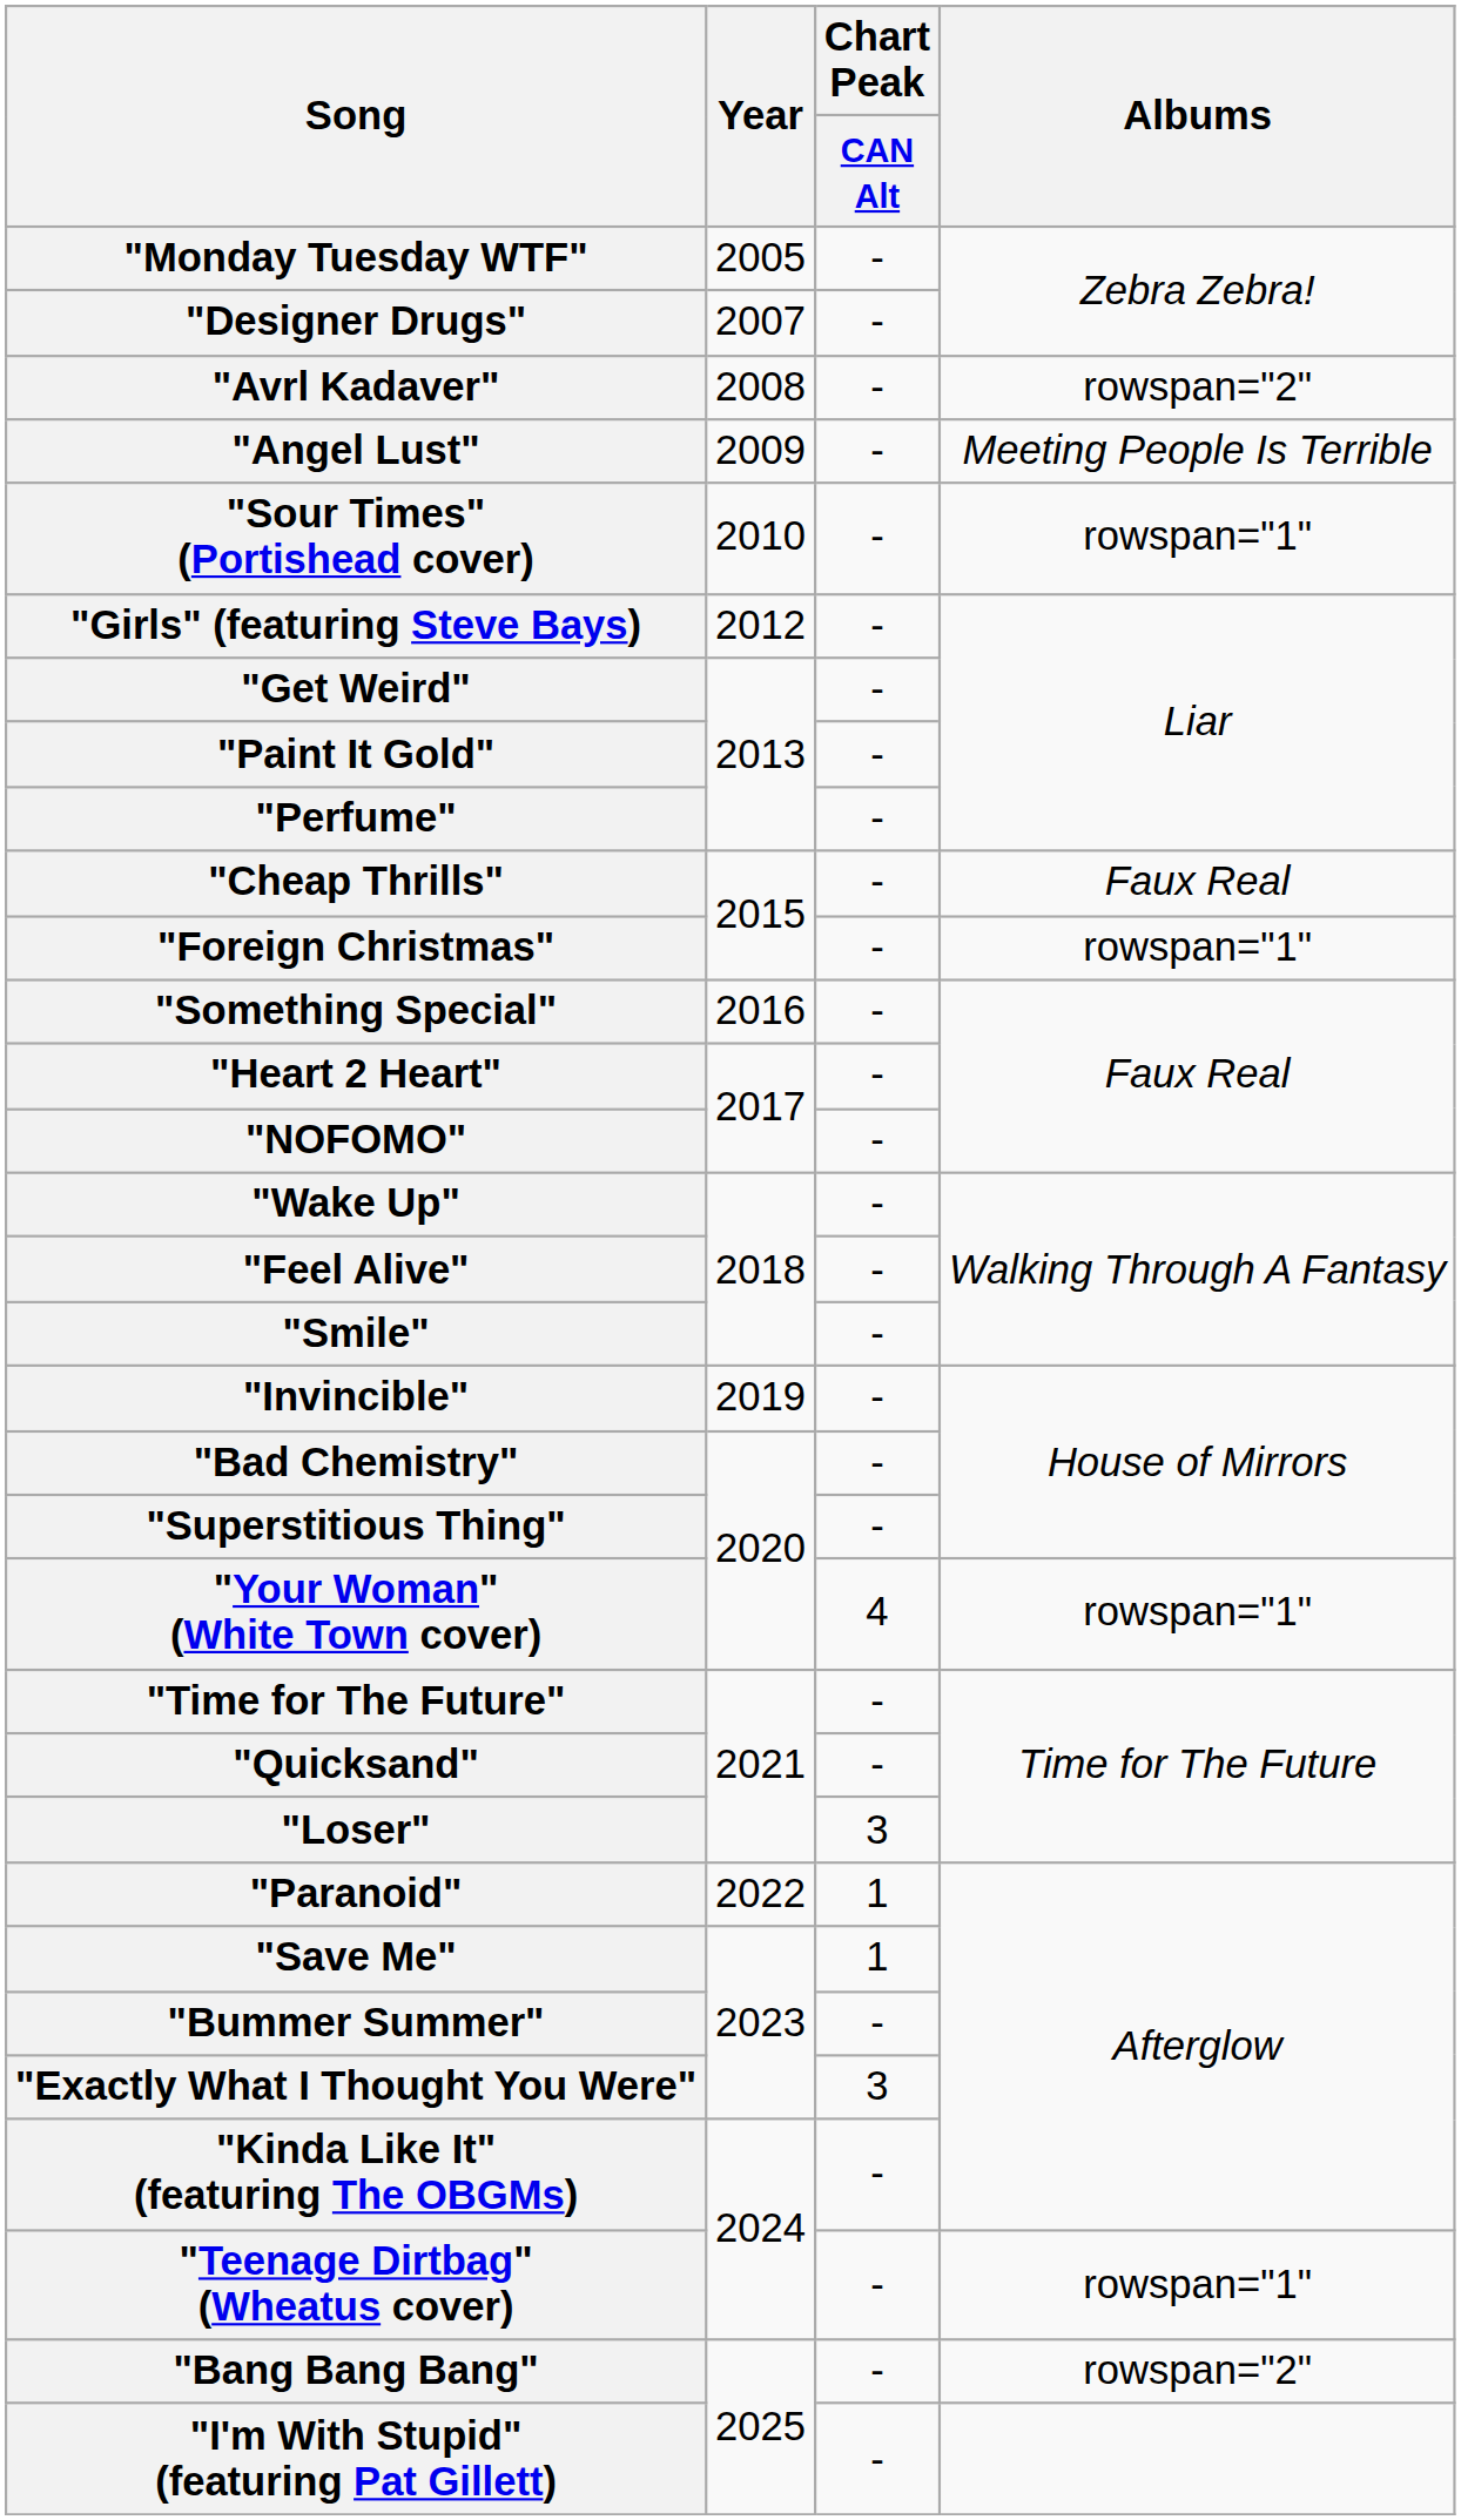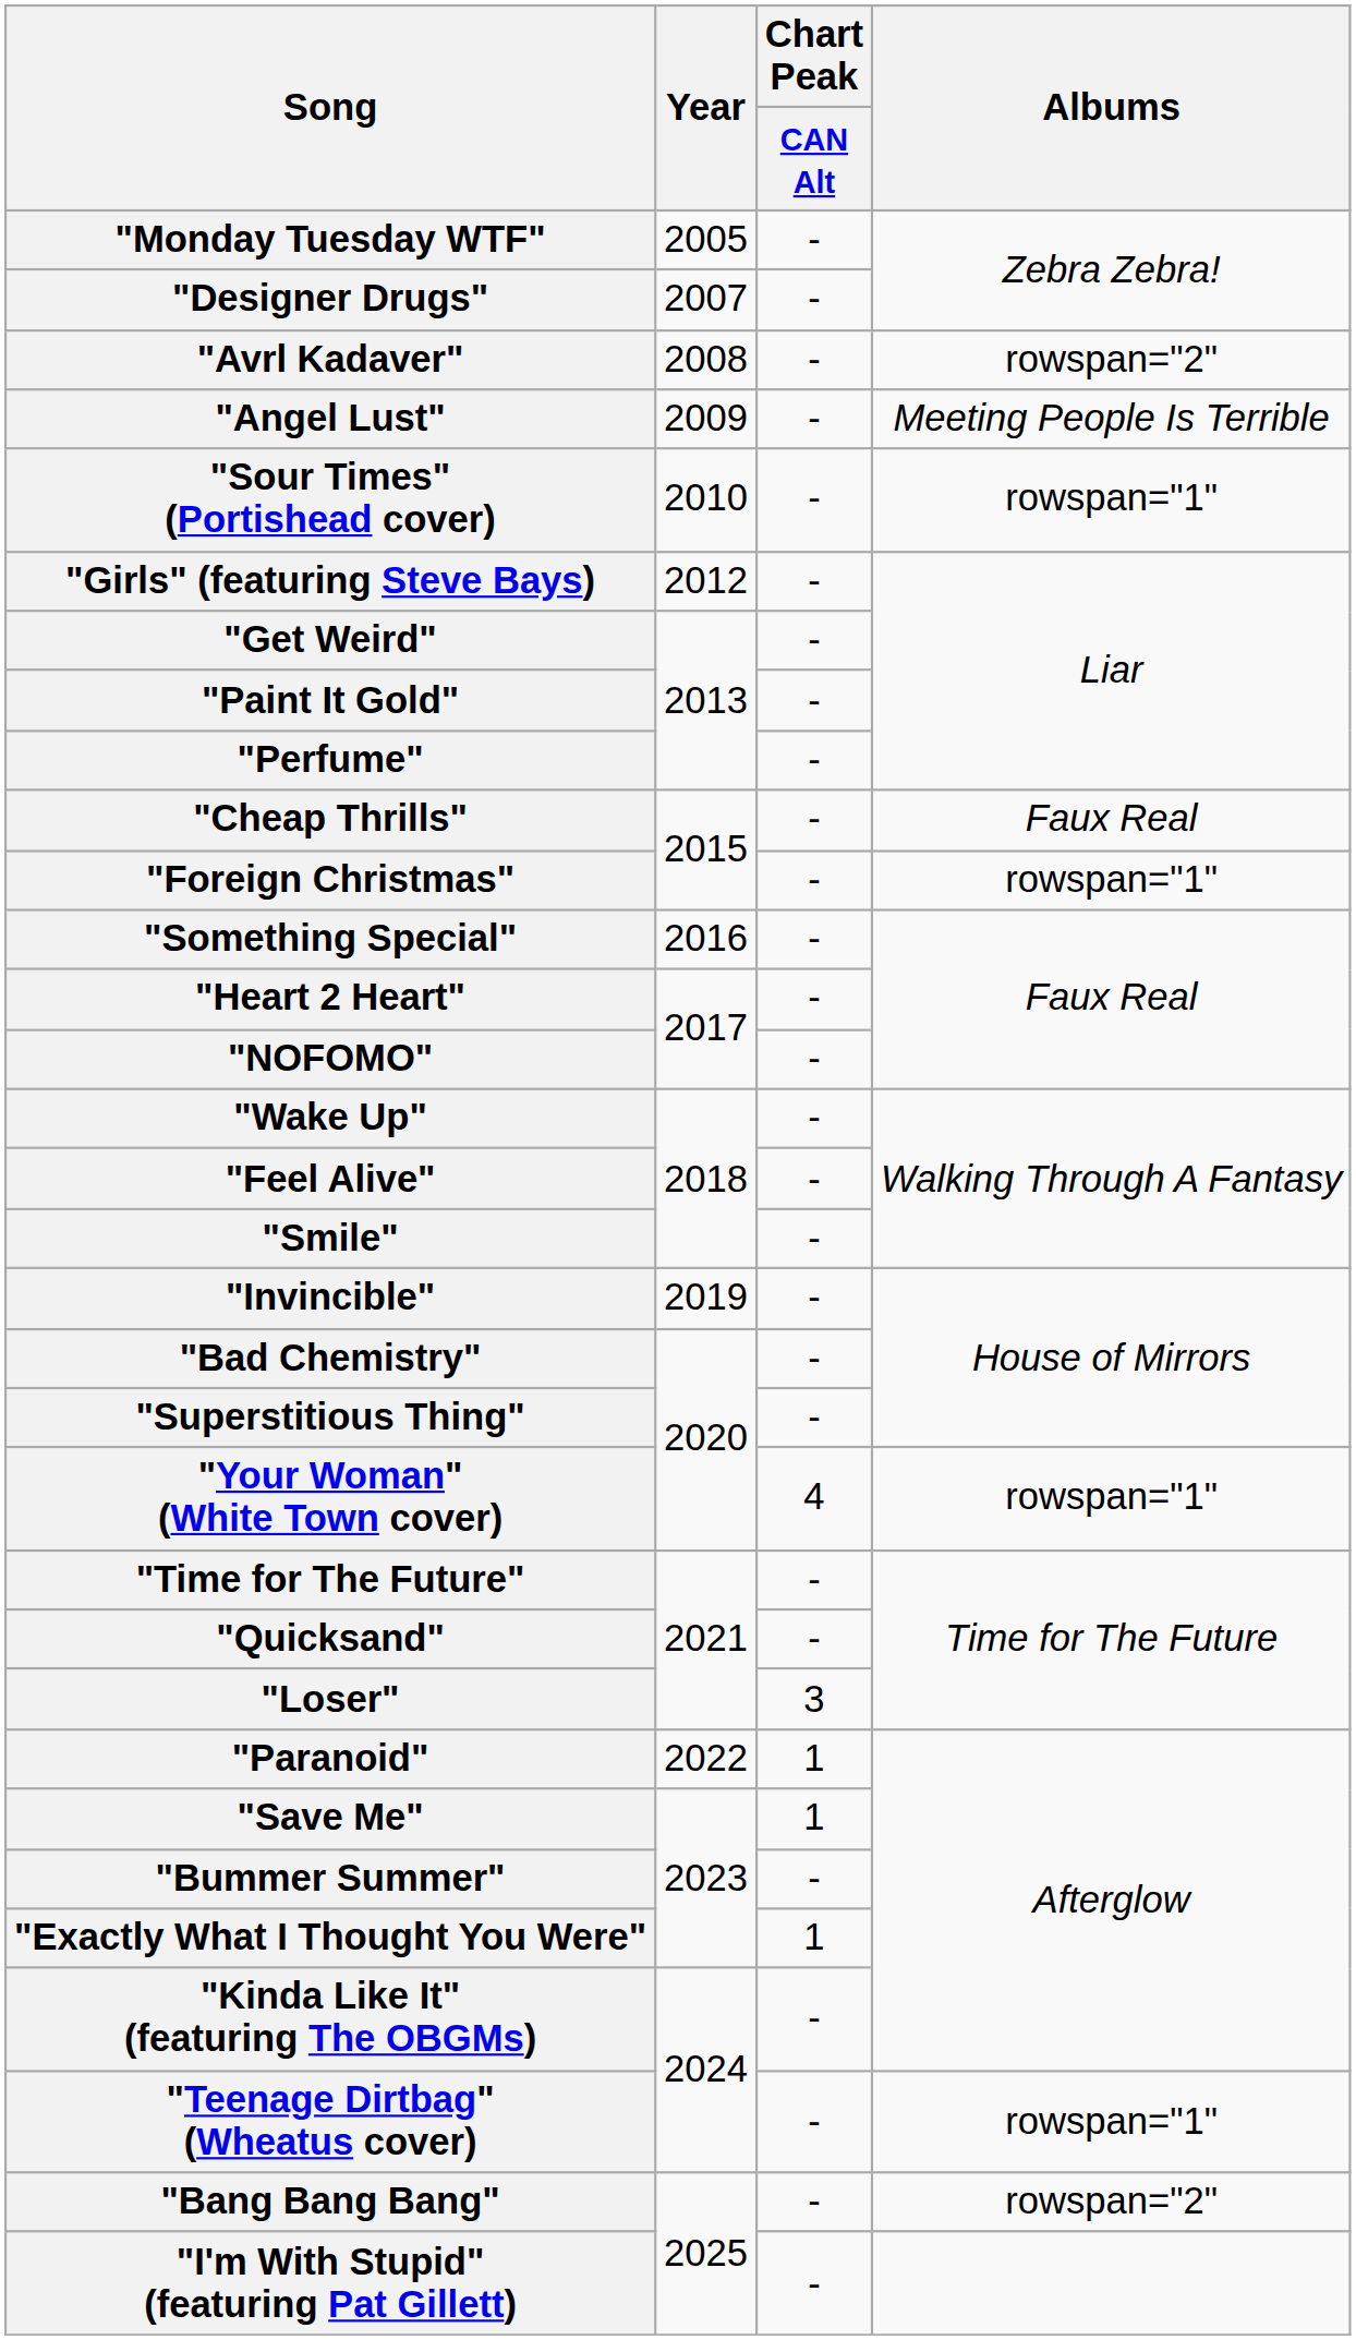 <table class="wikitable plainrowheaders" style="text-align:center;">
 <tr>
 <th rowspan="2">Song</th>
 <th rowspan="2">Year</th>
 <th>Chart Peak</th>
 <th rowspan="2">Albums</th>
 </tr>
 <tr>
 <th style="width:40px;"><small><a href='#'>CAN<br> Alt</a></small></th>
 </tr>
 <tr>
 <th scope="row">"Monday Tuesday WTF"</th>
 <td>2005</td>
 <td style="text-align:center;">-</td>
 <td rowspan="2"><em>Zebra Zebra!</em></td>
 </tr>
 <tr>
 <th scope="row">"Designer Drugs"</th>
 <td>2007</td>
 <td style="text-align:center;">-</td>
 </tr>
 <tr>
 <th scope="row">"Avrl Kadaver"</th>
 <td rowspan="1">2008</td>
 <td style="text-align:center;">-</td>
 <td>rowspan="2" </td>
 </tr>
 <tr>
 <th scope="row">"Angel Lust"</th>
 <td rowspan="1">2009</td>
 <td style="text-align:center;">-</td>
 <td rowspan="1"><em>Meeting People Is Terrible</em></td>
 </tr>
 <tr>
 <th scope="row">"Sour Times" <br><span>(<a href='#'>Portishead</a> cover)</span></th>
 <td rowspan="1">2010</td>
 <td style="text-align:center;">-</td>
 <td>rowspan="1" </td>
 </tr>
 <tr>
 <th scope="row">"Girls" <span>(featuring <a href='#'>Steve Bays</a>)</span></th>
 <td rowspan="1">2012</td>
 <td style="text-align:center;">-</td>
 <td rowspan="4"><em>Liar</em></td>
 </tr>
 <tr>
 <th scope="row">"Get Weird"</th>
 <td rowspan="3">2013</td>
 <td style="text-align:center;">-</td>
 </tr>
 <tr>
 <th scope="row">"Paint It Gold"</th>
 <td style="text-align:center;">-</td>
 </tr>
 <tr>
 <th scope="row">"Perfume"</th>
 <td style="text-align:center;">-</td>
 </tr>
 <tr>
 <th scope="row">"Cheap Thrills"</th>
 <td rowspan="2">2015</td>
 <td style="text-align:center;">-</td>
 <td rowspan="1"><em>Faux Real</em></td>
 </tr>
 <tr>
 <th scope="row">"Foreign Christmas"</th>
 <td style="text-align:center;">-</td>
 <td>rowspan="1" </td>
 </tr>
 <tr>
 <th scope="row">"Something Special"</th>
 <td rowspan="1">2016</td>
 <td style="text-align:center;">-</td>
 <td rowspan="3"><em>Faux Real</em></td>
 </tr>
 <tr>
 <th scope="row">"Heart 2 Heart"</th>
 <td rowspan="2">2017</td>
 <td style="text-align:center;">-</td>
 </tr>
 <tr>
 <th scope="row">"NOFOMO"</th>
 <td style="text-align:center;">-</td>
 </tr>
 <tr>
 <th scope="row">"Wake Up"</th>
 <td rowspan="3">2018</td>
 <td style="text-align:center;">-</td>
 <td rowspan="3"><em>Walking Through A Fantasy</em></td>
 </tr>
 <tr>
 <th scope="row">"Feel Alive"</th>
 <td style="text-align:center;">-</td>
 </tr>
 <tr>
 <th scope="row">"Smile"</th>
 <td style="text-align:center;">-</td>
 </tr>
 <tr>
 <th scope="row">"Invincible"</th>
 <td rowspan="1">2019</td>
 <td style="text-align:center;">-</td>
 <td rowspan="3"><em>House of Mirrors</em></td>
 </tr>
 <tr>
 <th scope="row">"Bad Chemistry"</th>
 <td rowspan="3">2020</td>
 <td style="text-align:center;">-</td>
 </tr>
 <tr>
 <th scope="row">"Superstitious Thing"</th>
 <td style="text-align:center;">-</td>
 </tr>
 <tr>
 <th scope="row">"<a href='#'>Your Woman</a>" <br><span>(<a href='#'>White Town</a> cover)</span></th>
 <td style="text-align:center;">4</td>
 <td>rowspan="1" </td>
 </tr>
 <tr>
 <th scope="row">"Time for The Future"</th>
 <td rowspan="3">2021</td>
 <td style="text-align:center;">-</td>
 <td rowspan="3"><em>Time for The Future</em></td>
 </tr>
 <tr>
 <th scope="row">"Quicksand"</th>
 <td style="text-align:center;">-</td>
 </tr>
 <tr>
 <th scope="row">"Loser"</th>
 <td style="text-align:center;">3</td>
 </tr>
 <tr>
 <th scope="row">"Paranoid"</th>
 <td rowspan="1">2022</td>
 <td style="text-align:center;">1</td>
 <td rowspan="5"><em>Afterglow</em></td>
 </tr>
 <tr>
 <th scope="row">"Save Me"</th>
 <td rowspan="3">2023</td>
 <td style="text-align:center;">1</td>
 </tr>
 <tr>
 <th scope="row">"Bummer Summer"</th>
 <td style="text-align:center;">-</td>
 </tr>
 <tr>
 <th scope="row">"Exactly What I Thought You Were"</th>
-<td style="text-align:center;">3</td>
+<td style="text-align:center;">1</td>
 </tr>
 <tr>
 <th scope="row">"Kinda Like It" <br><span>(featuring <a href='#'>The OBGMs</a>)</span></th>
 <td rowspan="2">2024</td>
 <td style="text-align:center;">-</td>
 </tr>
 <tr>
 <th scope="row">"<a href='#'>Teenage Dirtbag</a>" <br><span>(<a href='#'>Wheatus</a> cover)</span> </th>
 <td style="text-align:center;">-</td>
 <td>rowspan="1" </td>
 </tr>
 <tr>
 <th scope="row">"Bang Bang Bang"</th>
 <td rowspan="2">2025</td>
 <td style="text-align:center;">-</td>
 <td>rowspan="2" </td>
 </tr>
 <tr>
 <th scope="row">"I'm With Stupid" <br><span>(featuring <a href='#'>Pat Gillett</a>)</span></th>
 <td style="text-align:center;">-</td>
 </tr>
 </table>
